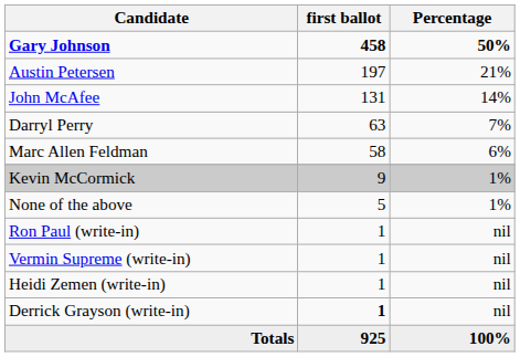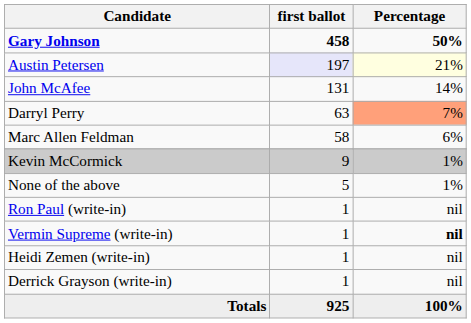 <table class="wikitable">
 <tr>
 <th style="width: 17em">Candidate</th>
 <th style="width: 5em">first ballot</th>
 <th style="width: 7em">Percentage</th>
 </tr>
 <tr>
 <td><strong><a href='#'>Gary Johnson</a></strong></td>
 <td style="text-align:right;"><strong>458</strong></td>
 <td style="text-align:right;"><strong>50%</strong></td>
 </tr>
 <tr>
 <td><a href='#'>Austin Petersen</a></td>
-<td style="text-align:right;">197</td>
-<td style="text-align:right;">21%</td>
+<td style="background: lavender; text-align:right;">197</td>
+<td style="background: lightyellow; text-align:right;">21%</td>
 </tr>
 <tr>
 <td><a href='#'>John McAfee</a></td>
 <td style="text-align:right;">131</td>
 <td style="text-align:right;">14%</td>
 </tr>
 <tr>
 <td>Darryl Perry</td>
 <td style="text-align:right;">63</td>
-<td style="text-align:right;">7%</td>
+<td style="background: lightsalmon; text-align:right;">7%</td>
 </tr>
 <tr>
 <td>Marc Allen Feldman</td>
 <td style="text-align:right;">58</td>
 <td style="text-align:right;">6%</td>
 </tr>
 <tr>
 </tr>
 <tr style="background:#cbcbcb">
 <td>Kevin McCormick</td>
 <td style="text-align:right;">9</td>
 <td style="text-align:right;">1%</td>
 </tr>
 <tr>
 <td>None of the above</td>
 <td style="text-align:right;">5</td>
 <td style="text-align:right;">1%</td>
 </tr>
 <tr>
 <td><a href='#'>Ron Paul</a> (write-in)</td>
 <td style="text-align:right;">1</td>
 <td style="text-align:right;">nil</td>
 </tr>
 <tr>
 <td><a href='#'>Vermin Supreme</a> (write-in)</td>
 <td style="text-align:right;">1</td>
-<td style="text-align:right;">nil</td>
+<td style="text-align:right;"><strong>nil</strong></td>
 </tr>
 <tr>
 <td>Heidi Zemen (write-in)</td>
 <td style="text-align:right;">1</td>
 <td style="text-align:right;">nil</td>
 </tr>
 <tr>
 <td>Derrick Grayson (write-in)</td>
-<td style="text-align:right;"><strong>1</strong></td>
+<td style="text-align:right;">1</td>
 <td style="text-align:right;">nil</td>
 </tr>
 <tr style="background:#eee; text-align:right;">
 <td><strong>Totals</strong></td>
 <td><strong>925</strong></td>
 <td><strong>100%</strong></td>
 </tr>
 </table>
